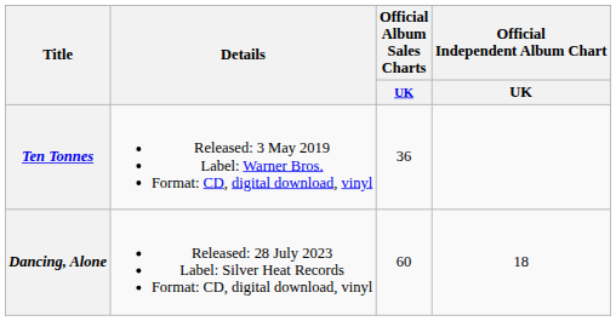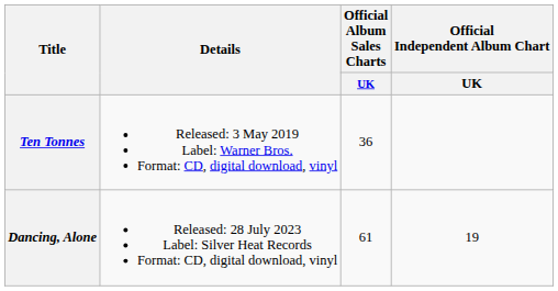 <table class="wikitable plainrowheaders" style="text-align:center;">
 <tr>
 <th scope="col" rowspan="2">Title</th>
 <th scope="col" rowspan="2">Details</th>
 <th scope="col" colspan="1">Official Album Sales Charts</th>
 <th>Official<br>Independent  Album  Chart</th>
 </tr>
 <tr>
 <th scope="col" style="width:3em;font-size:85%;"><a href='#'>UK</a><br></th>
 <th>UK</th>
 </tr>
 <tr>
 <th scope="row"><em><a href='#'>Ten Tonnes</a></em></th>
 <td><br><ul><li>Released: 3 May 2019</li><li>Label: <a href='#'>Warner Bros.</a></li><li>Format: <a href='#'>CD</a>, <a href='#'>digital download</a>, <a href='#'>vinyl</a></li></ul></td>
 <td>36</td>
 <td></td>
 </tr>
 <tr>
 <th scope="row"><em>Dancing, Alone</em></th>
 <td><br><ul><li>Released: 28 July 2023</li><li>Label: Silver Heat Records</li><li>Format: CD, digital download, vinyl</li></ul></td>
-<td>60</td>
-<td>18</td>
+<td>61</td>
+<td>19</td>
 </tr>
 </table>
